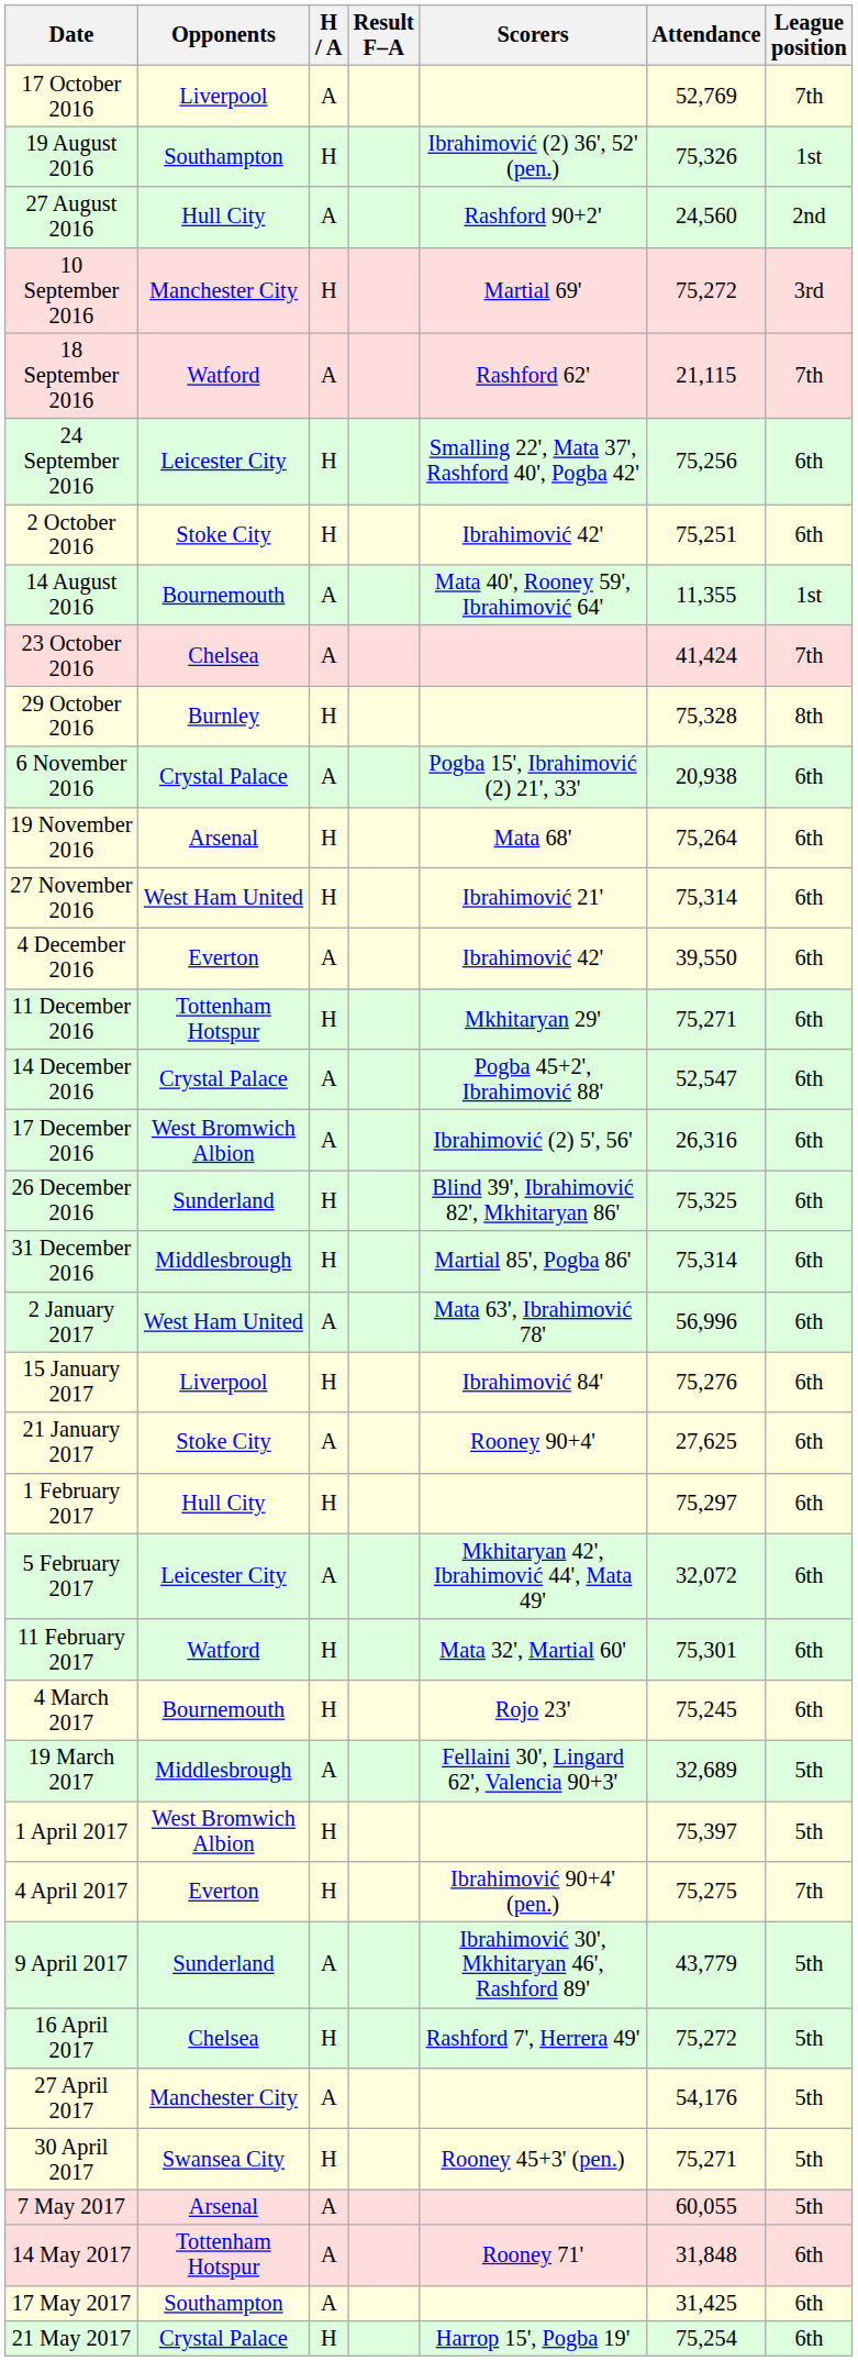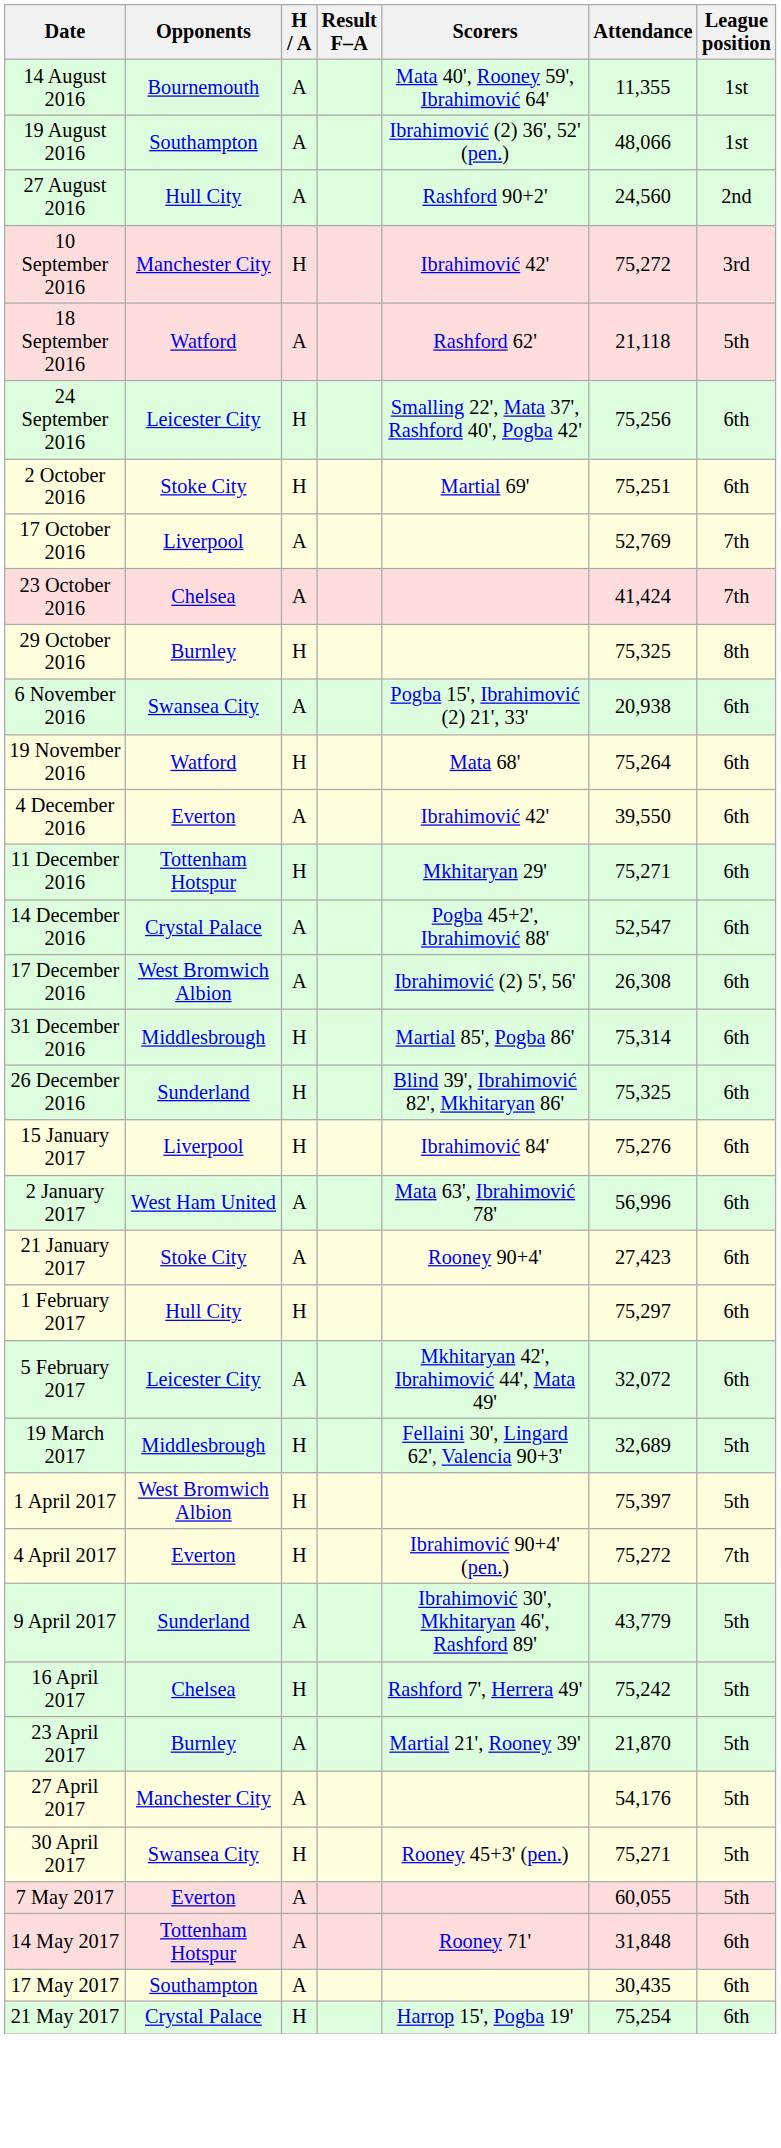 <table class="wikitable" style="text-align:center">
 <tr>
 <th>Date</th>
 <th>Opponents</th>
 <th>H / A</th>
 <th>Result<br>F–A</th>
 <th>Scorers</th>
 <th>Attendance</th>
 <th>League<br>position</th>
 </tr>
-<tr bgcolor="#ffffdd">
-<td>17 October 2016</td>
-<td><a href='#'>Liverpool</a></td>
+<tr bgcolor="#ddffdd">
+<td>14 August 2016</td>
+<td><a href='#'>Bournemouth</a></td>
 <td>A</td>
 <td></td>
-<td></td>
-<td>52,769</td>
-<td>7th</td>
+<td><a href='#'>Mata</a> 40', <a href='#'>Rooney</a> 59', <a href='#'>Ibrahimović</a> 64'</td>
+<td>11,355</td>
+<td>1st</td>
 </tr>
 <tr bgcolor="#ddffdd">
 <td>19 August 2016</td>
 <td><a href='#'>Southampton</a></td>
-<td>H</td>
+<td>A</td>
 <td></td>
 <td><a href='#'>Ibrahimović</a> (2) 36', 52' (<a href='#'>pen.</a>)</td>
-<td>75,326</td>
+<td>48,066</td>
 <td>1st</td>
 </tr>
 <tr bgcolor="#ddffdd">
 <td>27 August 2016</td>
 <td><a href='#'>Hull City</a></td>
 <td>A</td>
 <td></td>
 <td><a href='#'>Rashford</a> 90+2'</td>
 <td>24,560</td>
 <td>2nd</td>
 </tr>
 <tr bgcolor=#ffdddd>
 <td>10 September 2016</td>
 <td><a href='#'>Manchester City</a></td>
 <td>H</td>
 <td></td>
-<td><a href='#'>Martial</a> 69'</td>
+<td><a href='#'>Ibrahimović</a> 42'</td>
 <td>75,272</td>
 <td>3rd</td>
 </tr>
 <tr bgcolor=#ffdddd>
 <td>18 September 2016</td>
 <td><a href='#'>Watford</a></td>
 <td>A</td>
 <td></td>
 <td><a href='#'>Rashford</a> 62'</td>
-<td>21,115</td>
-<td>7th</td>
+<td>21,118</td>
+<td>5th</td>
 </tr>
 <tr bgcolor="#ddffdd">
 <td>24 September 2016</td>
 <td><a href='#'>Leicester City</a></td>
 <td>H</td>
 <td></td>
 <td><a href='#'>Smalling</a> 22', <a href='#'>Mata</a> 37', <a href='#'>Rashford</a> 40', <a href='#'>Pogba</a> 42'</td>
 <td>75,256</td>
 <td>6th</td>
 </tr>
 <tr bgcolor="#ffffdd">
 <td>2 October 2016</td>
 <td><a href='#'>Stoke City</a></td>
 <td>H</td>
 <td></td>
-<td><a href='#'>Ibrahimović</a> 42'</td>
+<td><a href='#'>Martial</a> 69'</td>
 <td>75,251</td>
 <td>6th</td>
 </tr>
-<tr bgcolor="#ddffdd">
-<td>14 August 2016</td>
-<td><a href='#'>Bournemouth</a></td>
+<tr bgcolor="#ffffdd">
+<td>17 October 2016</td>
+<td><a href='#'>Liverpool</a></td>
 <td>A</td>
 <td></td>
-<td><a href='#'>Mata</a> 40', <a href='#'>Rooney</a> 59', <a href='#'>Ibrahimović</a> 64'</td>
-<td>11,355</td>
-<td>1st</td>
+<td></td>
+<td>52,769</td>
+<td>7th</td>
 </tr>
 <tr bgcolor="#ffdddd">
 <td>23 October 2016</td>
 <td><a href='#'>Chelsea</a></td>
 <td>A</td>
 <td></td>
 <td></td>
 <td>41,424</td>
 <td>7th</td>
 </tr>
 <tr bgcolor="#ffffdd">
 <td>29 October 2016</td>
 <td><a href='#'>Burnley</a></td>
 <td>H</td>
 <td></td>
 <td></td>
-<td>75,328</td>
+<td>75,325</td>
 <td>8th</td>
 </tr>
 <tr bgcolor="#ddffdd">
 <td>6 November 2016</td>
-<td><a href='#'>Crystal Palace</a></td>
+<td><a href='#'>Swansea City</a></td>
 <td>A</td>
 <td></td>
 <td><a href='#'>Pogba</a> 15', <a href='#'>Ibrahimović</a> (2) 21', 33'</td>
 <td>20,938</td>
 <td>6th</td>
 </tr>
 <tr bgcolor="#ffffdd">
 <td>19 November 2016</td>
-<td><a href='#'>Arsenal</a></td>
+<td><a href='#'>Watford</a></td>
 <td>H</td>
 <td></td>
 <td><a href='#'>Mata</a> 68'</td>
 <td>75,264</td>
-<td>6th</td>
-</tr>
-<tr bgcolor="#ffffdd">
-<td>27 November 2016</td>
-<td><a href='#'>West Ham United</a></td>
-<td>H</td>
-<td></td>
-<td><a href='#'>Ibrahimović</a> 21'</td>
-<td>75,314</td>
 <td>6th</td>
 </tr>
 <tr bgcolor="#ffffdd">
 <td>4 December 2016</td>
 <td><a href='#'>Everton</a></td>
 <td>A</td>
 <td></td>
 <td><a href='#'>Ibrahimović</a> 42'</td>
 <td>39,550</td>
 <td>6th</td>
 </tr>
 <tr bgcolor="#ddffdd">
 <td>11 December 2016</td>
 <td><a href='#'>Tottenham Hotspur</a></td>
 <td>H</td>
 <td></td>
 <td><a href='#'>Mkhitaryan</a> 29'</td>
 <td>75,271</td>
 <td>6th</td>
 </tr>
 <tr bgcolor="#ddffdd">
 <td>14 December 2016</td>
 <td><a href='#'>Crystal Palace</a></td>
 <td>A</td>
 <td></td>
 <td><a href='#'>Pogba</a> 45+2', <a href='#'>Ibrahimović</a> 88'</td>
 <td>52,547</td>
 <td>6th</td>
 </tr>
 <tr bgcolor="#ddffdd">
 <td>17 December 2016</td>
 <td><a href='#'>West Bromwich Albion</a></td>
 <td>A</td>
 <td></td>
 <td><a href='#'>Ibrahimović</a> (2) 5', 56'</td>
-<td>26,316</td>
-<td>6th</td>
-</tr>
-<tr bgcolor="#ddffdd">
-<td>26 December 2016</td>
-<td><a href='#'>Sunderland</a></td>
-<td>H</td>
-<td></td>
-<td><a href='#'>Blind</a> 39', <a href='#'>Ibrahimović</a> 82', <a href='#'>Mkhitaryan</a> 86'</td>
-<td>75,325</td>
+<td>26,308</td>
 <td>6th</td>
 </tr>
 <tr bgcolor="#ddffdd">
 <td>31 December 2016</td>
 <td><a href='#'>Middlesbrough</a></td>
 <td>H</td>
 <td></td>
 <td><a href='#'>Martial</a> 85', <a href='#'>Pogba</a> 86'</td>
 <td>75,314</td>
 <td>6th</td>
 </tr>
 <tr bgcolor="#ddffdd">
-<td>2 January 2017</td>
-<td><a href='#'>West Ham United</a></td>
-<td>A</td>
+<td>26 December 2016</td>
+<td><a href='#'>Sunderland</a></td>
+<td>H</td>
 <td></td>
-<td><a href='#'>Mata</a> 63', <a href='#'>Ibrahimović</a> 78'</td>
-<td>56,996</td>
+<td><a href='#'>Blind</a> 39', <a href='#'>Ibrahimović</a> 82', <a href='#'>Mkhitaryan</a> 86'</td>
+<td>75,325</td>
 <td>6th</td>
 </tr>
 <tr bgcolor="#ffffdd">
 <td>15 January 2017</td>
 <td><a href='#'>Liverpool</a></td>
 <td>H</td>
 <td></td>
 <td><a href='#'>Ibrahimović</a> 84'</td>
 <td>75,276</td>
 <td>6th</td>
 </tr>
+<tr bgcolor="#ddffdd">
+<td>2 January 2017</td>
+<td><a href='#'>West Ham United</a></td>
+<td>A</td>
+<td></td>
+<td><a href='#'>Mata</a> 63', <a href='#'>Ibrahimović</a> 78'</td>
+<td>56,996</td>
+<td>6th</td>
+</tr>
 <tr bgcolor="#ffffdd">
 <td>21 January 2017</td>
 <td><a href='#'>Stoke City</a></td>
 <td>A</td>
 <td></td>
 <td><a href='#'>Rooney</a> 90+4'</td>
-<td>27,625</td>
+<td>27,423</td>
 <td>6th</td>
 </tr>
 <tr bgcolor="#ffffdd">
 <td>1 February 2017</td>
 <td><a href='#'>Hull City</a></td>
 <td>H</td>
 <td></td>
 <td></td>
 <td>75,297</td>
 <td>6th</td>
 </tr>
 <tr bgcolor="#ddffdd">
 <td>5 February 2017</td>
 <td><a href='#'>Leicester City</a></td>
 <td>A</td>
 <td></td>
 <td><a href='#'>Mkhitaryan</a> 42', <a href='#'>Ibrahimović</a> 44', <a href='#'>Mata</a> 49'</td>
 <td>32,072</td>
 <td>6th</td>
 </tr>
 <tr bgcolor="#ddffdd">
-<td>11 February 2017</td>
-<td><a href='#'>Watford</a></td>
-<td>H</td>
-<td></td>
-<td><a href='#'>Mata</a> 32', <a href='#'>Martial</a> 60'</td>
-<td>75,301</td>
-<td>6th</td>
-</tr>
-<tr bgcolor="#ffffdd">
-<td>4 March 2017</td>
-<td><a href='#'>Bournemouth</a></td>
-<td>H</td>
-<td></td>
-<td><a href='#'>Rojo</a> 23'</td>
-<td>75,245</td>
-<td>6th</td>
-</tr>
-<tr bgcolor="#ddffdd">
 <td>19 March 2017</td>
 <td><a href='#'>Middlesbrough</a></td>
-<td>A</td>
+<td>H</td>
 <td></td>
 <td><a href='#'>Fellaini</a> 30', <a href='#'>Lingard</a> 62', <a href='#'>Valencia</a> 90+3'</td>
 <td>32,689</td>
 <td>5th</td>
 </tr>
 <tr bgcolor="#ffffdd">
 <td>1 April 2017</td>
 <td><a href='#'>West Bromwich Albion</a></td>
 <td>H</td>
 <td></td>
 <td></td>
 <td>75,397</td>
 <td>5th</td>
 </tr>
 <tr bgcolor="#ffffdd">
 <td>4 April 2017</td>
 <td><a href='#'>Everton</a></td>
 <td>H</td>
 <td></td>
 <td><a href='#'>Ibrahimović</a> 90+4' (<a href='#'>pen.</a>)</td>
-<td>75,275</td>
+<td>75,272</td>
 <td>7th</td>
 </tr>
 <tr bgcolor="#ddffdd">
 <td>9 April 2017</td>
 <td><a href='#'>Sunderland</a></td>
 <td>A</td>
 <td></td>
 <td><a href='#'>Ibrahimović</a> 30', <a href='#'>Mkhitaryan</a> 46', <a href='#'>Rashford</a> 89'</td>
 <td>43,779</td>
 <td>5th</td>
 </tr>
 <tr bgcolor="#ddffdd">
 <td>16 April 2017</td>
 <td><a href='#'>Chelsea</a></td>
 <td>H</td>
 <td></td>
 <td><a href='#'>Rashford</a> 7', <a href='#'>Herrera</a> 49'</td>
-<td>75,272</td>
+<td>75,242</td>
+<td>5th</td>
+</tr>
+<tr bgcolor="#ddffdd">
+<td>23 April 2017</td>
+<td><a href='#'>Burnley</a></td>
+<td>A</td>
+<td></td>
+<td><a href='#'>Martial</a> 21', <a href='#'>Rooney</a> 39'</td>
+<td>21,870</td>
 <td>5th</td>
 </tr>
 <tr bgcolor="#ffffdd">
 <td>27 April 2017</td>
 <td><a href='#'>Manchester City</a></td>
 <td>A</td>
 <td></td>
 <td></td>
 <td>54,176</td>
 <td>5th</td>
 </tr>
 <tr bgcolor="#ffffdd">
 <td>30 April 2017</td>
 <td><a href='#'>Swansea City</a></td>
 <td>H</td>
 <td></td>
 <td><a href='#'>Rooney</a> 45+3' (<a href='#'>pen.</a>)</td>
 <td>75,271</td>
 <td>5th</td>
 </tr>
 <tr bgcolor=#ffdddd>
 <td>7 May 2017</td>
-<td><a href='#'>Arsenal</a></td>
+<td><a href='#'>Everton</a></td>
 <td>A</td>
 <td></td>
 <td></td>
 <td>60,055</td>
 <td>5th</td>
 </tr>
 <tr bgcolor=#ffdddd>
 <td>14 May 2017</td>
 <td><a href='#'>Tottenham Hotspur</a></td>
 <td>A</td>
 <td></td>
 <td><a href='#'>Rooney</a> 71'</td>
 <td>31,848</td>
 <td>6th</td>
 </tr>
 <tr bgcolor="#ffffdd">
 <td>17 May 2017</td>
 <td><a href='#'>Southampton</a></td>
 <td>A</td>
 <td></td>
 <td></td>
-<td>31,425</td>
+<td>30,435</td>
 <td>6th</td>
 </tr>
 <tr bgcolor="#ddffdd">
 <td>21 May 2017</td>
 <td><a href='#'>Crystal Palace</a></td>
 <td>H</td>
 <td></td>
 <td><a href='#'>Harrop</a> 15', <a href='#'>Pogba</a> 19'</td>
 <td>75,254</td>
 <td>6th</td>
 </tr>
 </table>
